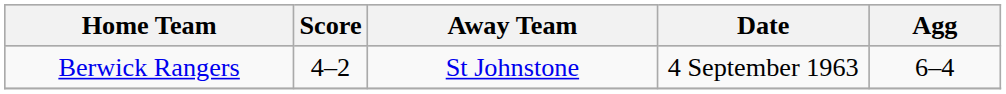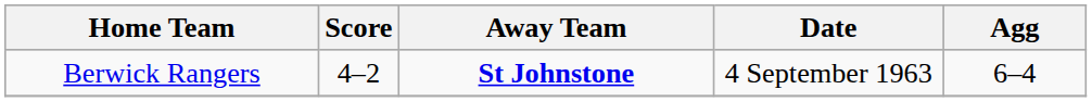 <table class="wikitable" style="text-align:center;">
 <tr>
 <th width=175>Home Team</th>
 <th width=20>Score</th>
 <th width=175>Away Team</th>
 <th width= 125>Date</th>
 <th width= 75>Agg</th>
 </tr>
 <tr>
 <td><a href='#'>Berwick Rangers</a></td>
 <td>4–2</td>
-<td><a href='#'>St Johnstone</a></td>
+<td><strong><a href='#'>St Johnstone</a></strong></td>
 <td>4 September 1963</td>
 <td>6–4</td>
 </tr>
 <tr>
 </tr>
 </table>
